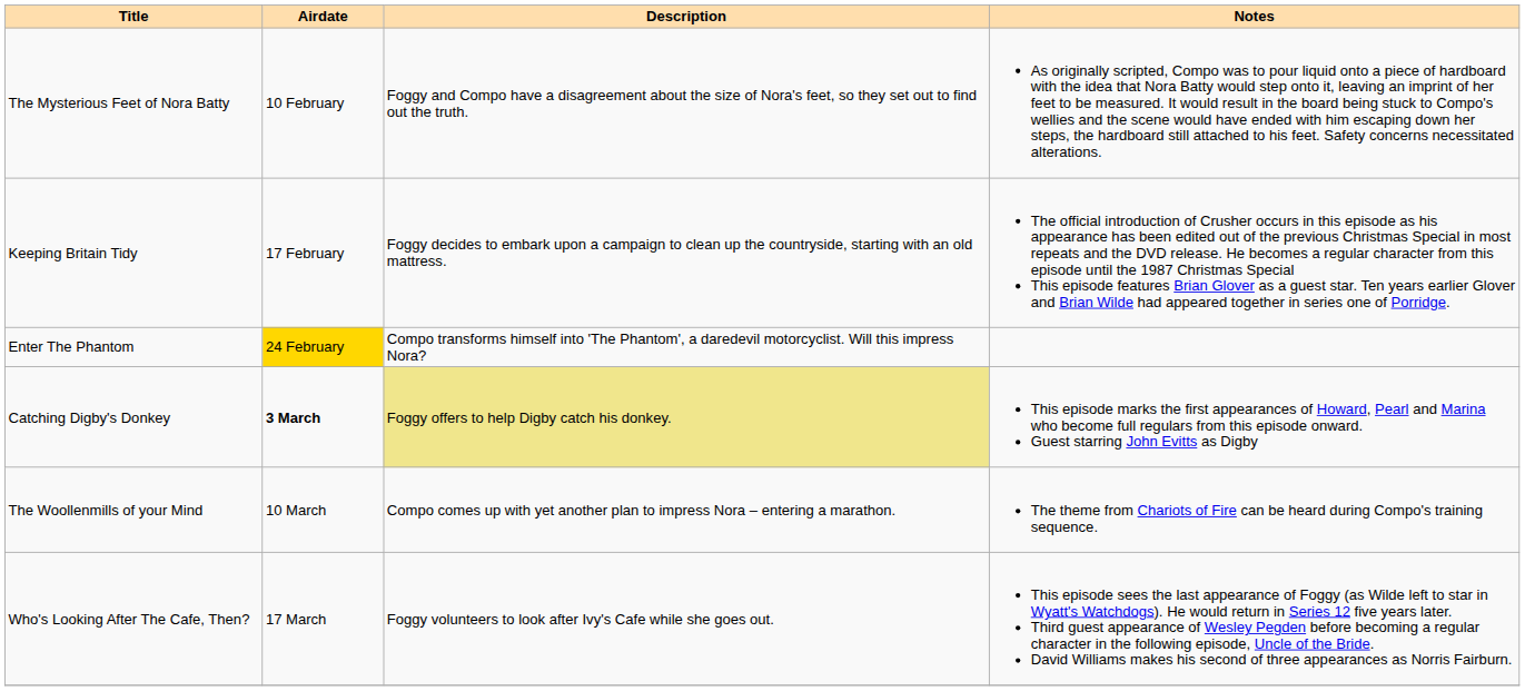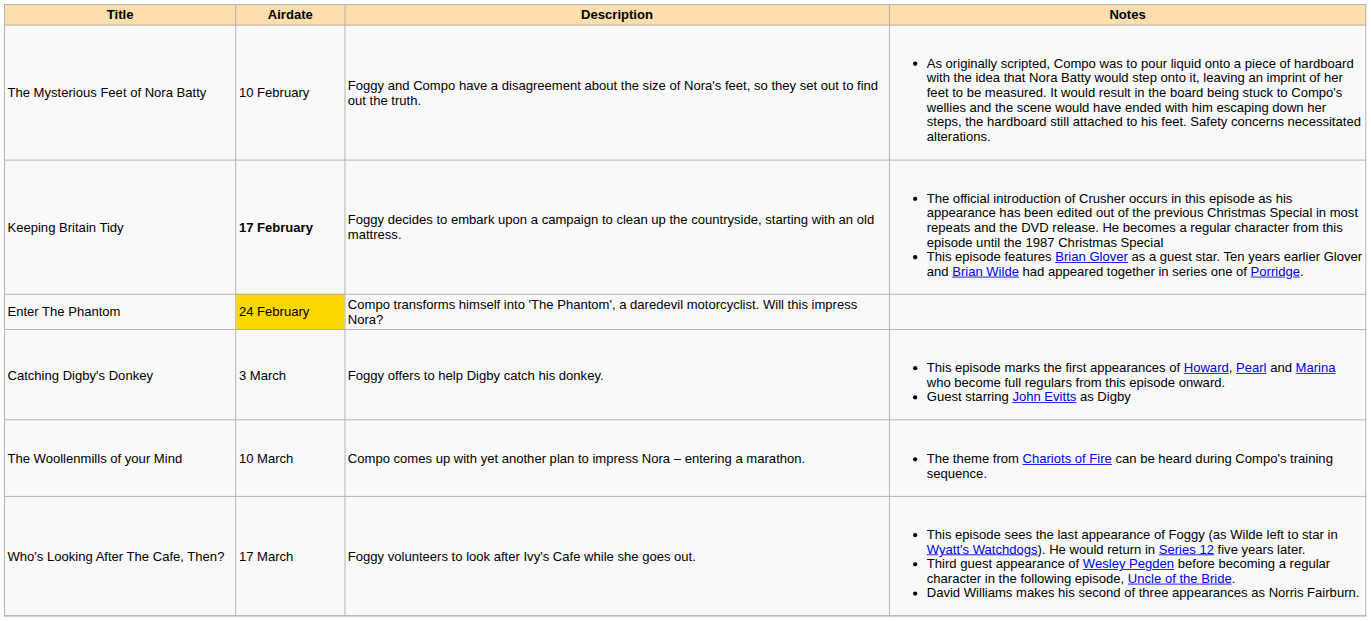 <table class="wikitable" width=100% border=1 style="font-size: 95%">
 <tr>
 <th style="background:#ffdead" width=17%>Title</th>
 <th style="background:#ffdead" width=8%>Airdate</th>
 <th style="background:#ffdead" width=40%>Description</th>
 <th style="background:#ffdead" width=35%>Notes</th>
 </tr>
 <tr>
 <td>The Mysterious Feet of Nora Batty</td>
 <td>10 February</td>
 <td>Foggy and Compo have a disagreement about the size of Nora's feet, so they set out to find out the truth.</td>
 <td><br><ul><li>As originally scripted, Compo was to pour liquid onto a piece of hardboard with the idea that Nora Batty would step onto it, leaving an imprint of her feet to be measured. It would result in the board being stuck to Compo's wellies and the scene would have ended with him escaping down her steps, the hardboard still attached to his feet. Safety concerns necessitated alterations.</li></ul></td>
 </tr>
 <tr>
 <td>Keeping Britain Tidy</td>
-<td>17 February</td>
+<td><strong>17 February</strong></td>
 <td>Foggy decides to embark upon a campaign to clean up the countryside, starting with an old mattress.</td>
 <td><br><ul><li>The official introduction of Crusher occurs in this episode as his appearance has been edited out of the previous Christmas Special in most repeats and the DVD release. He becomes a regular character from this episode until the 1987 Christmas Special</li><li>This episode features <a href='#'>Brian Glover</a> as a guest star. Ten years earlier Glover and <a href='#'>Brian Wilde</a> had appeared together in series one of <a href='#'>Porridge</a>.</li></ul></td>
 </tr>
 <tr>
 <td>Enter The Phantom</td>
 <td style="background: gold;">24 February</td>
 <td>Compo transforms himself into 'The Phantom', a daredevil motorcyclist. Will this impress Nora?</td>
 <td></td>
 </tr>
 <tr>
 <td>Catching Digby's Donkey</td>
-<td><strong>3 March</strong></td>
-<td style="background: khaki;">Foggy offers to help Digby catch his donkey.</td>
+<td>3 March</td>
+<td>Foggy offers to help Digby catch his donkey.</td>
 <td><br><ul><li>This episode marks the first appearances of <a href='#'>Howard</a>, <a href='#'>Pearl</a> and <a href='#'>Marina</a> who become full regulars from this episode onward.</li><li>Guest starring <a href='#'>John Evitts</a> as Digby</li></ul></td>
 </tr>
 <tr>
 <td>The Woollenmills of your Mind</td>
 <td>10 March</td>
 <td>Compo comes up with yet another plan to impress Nora – entering a marathon.</td>
 <td><br><ul><li>The theme from <a href='#'>Chariots of Fire</a> can be heard during Compo's training sequence.</li></ul></td>
 </tr>
 <tr>
 <td>Who's Looking After The Cafe, Then?</td>
 <td>17 March</td>
 <td>Foggy volunteers to look after Ivy's Cafe while she goes out.</td>
 <td><br><ul><li>This episode sees the last appearance of Foggy (as Wilde left to star in <a href='#'>Wyatt's Watchdogs</a>). He would return in <a href='#'>Series 12</a> five years later.</li><li>Third guest appearance of <a href='#'>Wesley Pegden</a> before becoming a regular character in the following episode, <a href='#'>Uncle of the Bride</a>.</li><li>David Williams makes his second of three appearances as Norris Fairburn.</li></ul></td>
 </tr>
 <tr>
 </tr>
 </table>
